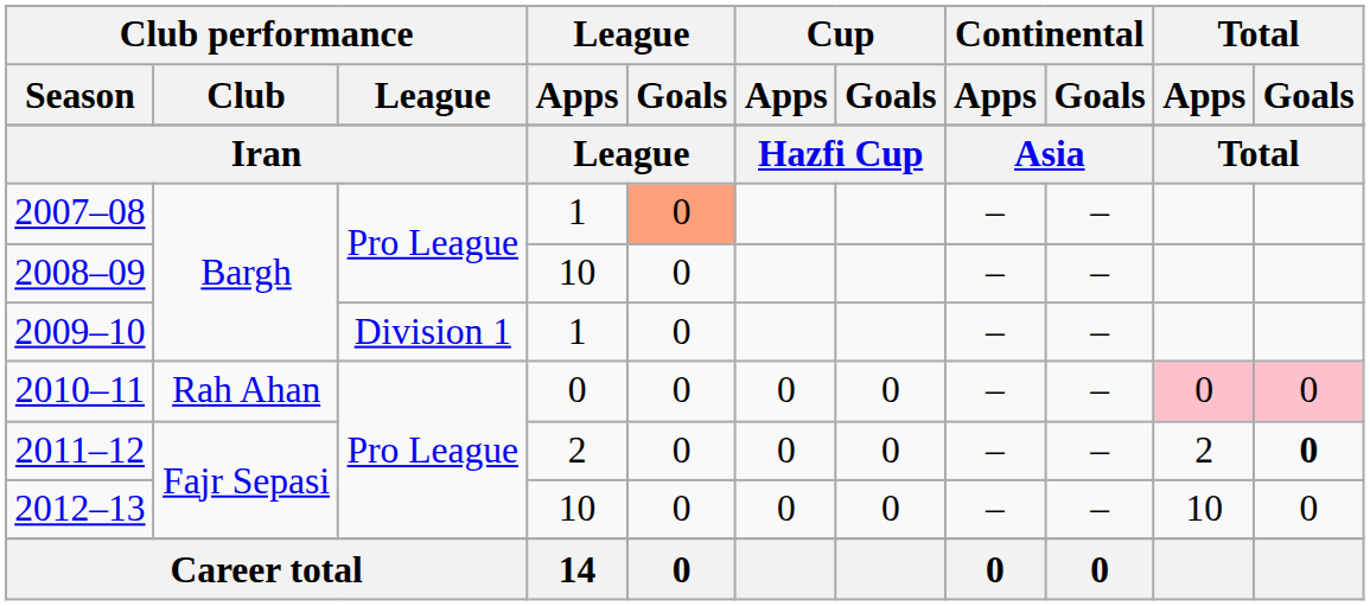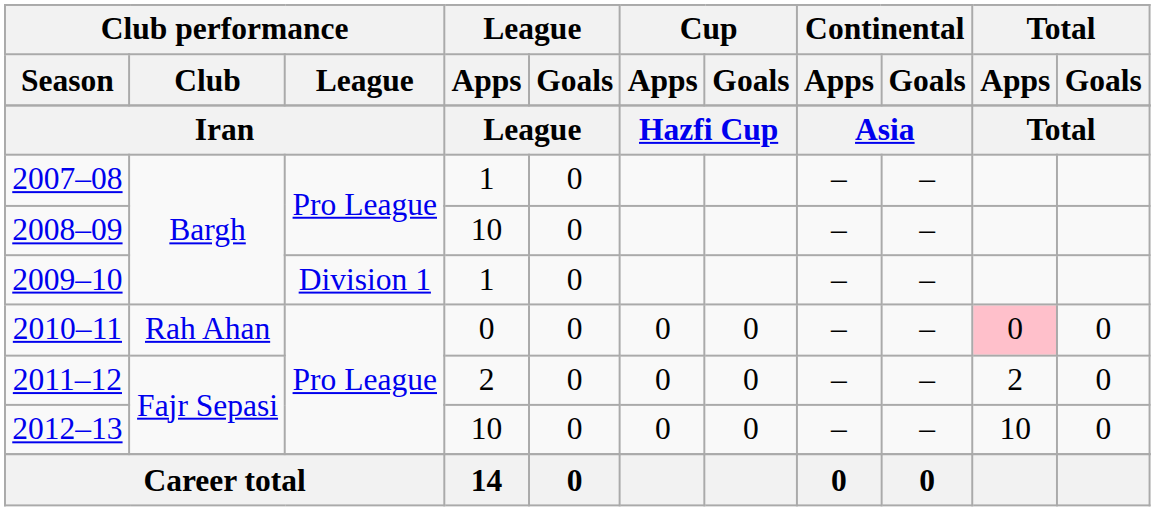 <table class="wikitable" style="text-align:center">
 <tr>
 <th colspan=3>Club performance</th>
 <th colspan=2>League</th>
 <th colspan=2>Cup</th>
 <th colspan=2>Continental</th>
 <th colspan=2>Total</th>
 </tr>
 <tr>
 <th>Season</th>
 <th>Club</th>
 <th>League</th>
 <th>Apps</th>
 <th>Goals</th>
 <th>Apps</th>
 <th>Goals</th>
 <th>Apps</th>
 <th>Goals</th>
 <th>Apps</th>
 <th>Goals</th>
 </tr>
 <tr>
 </tr>
 <tr>
 <th colspan=3>Iran</th>
 <th colspan=2>League</th>
 <th colspan=2><a href='#'>Hazfi Cup</a></th>
 <th colspan=2><a href='#'>Asia</a></th>
 <th colspan=2>Total</th>
 </tr>
 <tr>
 <td><a href='#'>2007–08</a></td>
 <td rowspan="3"><a href='#'>Bargh</a></td>
 <td rowspan="2"><a href='#'>Pro League</a></td>
 <td>1</td>
-<td style="background: lightsalmon;">0</td>
+<td>0</td>
 <td></td>
 <td></td>
 <td>–</td>
 <td>–</td>
 <td></td>
 <td></td>
 </tr>
 <tr>
 <td><a href='#'>2008–09</a></td>
 <td>10</td>
 <td>0</td>
 <td></td>
 <td></td>
 <td>–</td>
 <td>–</td>
 <td></td>
 <td></td>
 </tr>
 <tr>
 <td><a href='#'>2009–10</a></td>
 <td><a href='#'>Division 1</a></td>
 <td>1</td>
 <td>0</td>
 <td></td>
 <td></td>
 <td>–</td>
 <td>–</td>
 <td></td>
 <td></td>
 </tr>
 <tr>
 <td><a href='#'>2010–11</a></td>
 <td><a href='#'>Rah Ahan</a></td>
 <td rowspan="3"><a href='#'>Pro League</a></td>
 <td>0</td>
 <td>0</td>
 <td>0</td>
 <td>0</td>
 <td>–</td>
 <td>–</td>
 <td style="background: pink;">0</td>
-<td style="background: pink;">0</td>
+<td>0</td>
 </tr>
 <tr>
 <td><a href='#'>2011–12</a></td>
 <td rowspan="2"><a href='#'>Fajr Sepasi</a></td>
 <td>2</td>
 <td>0</td>
 <td>0</td>
 <td>0</td>
 <td>–</td>
 <td>–</td>
 <td>2</td>
-<td><strong>0</strong></td>
+<td>0</td>
 </tr>
 <tr>
 <td><a href='#'>2012–13</a></td>
 <td>10</td>
 <td>0</td>
 <td>0</td>
 <td>0</td>
 <td>–</td>
 <td>–</td>
 <td>10</td>
 <td>0</td>
 </tr>
 <tr>
 </tr>
 <tr>
 <th colspan=3>Career total</th>
 <th>14</th>
 <th>0</th>
 <th></th>
 <th></th>
 <th>0</th>
 <th>0</th>
 <th></th>
 <th></th>
 </tr>
 </table>
